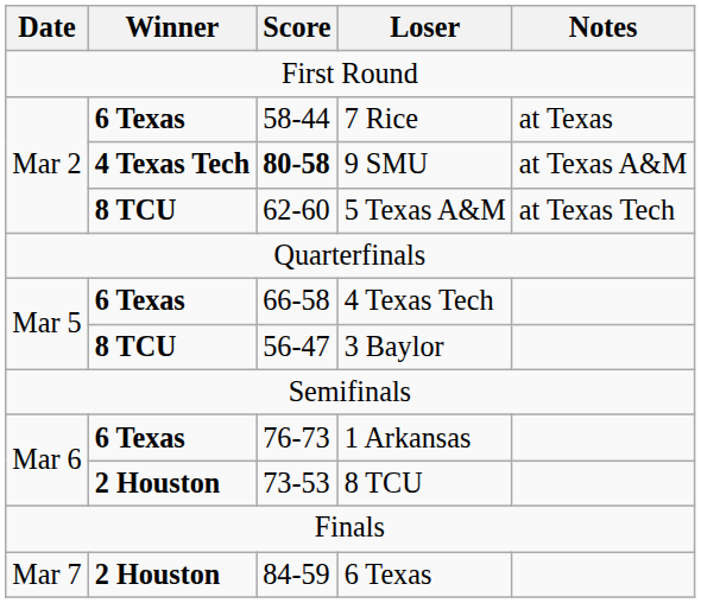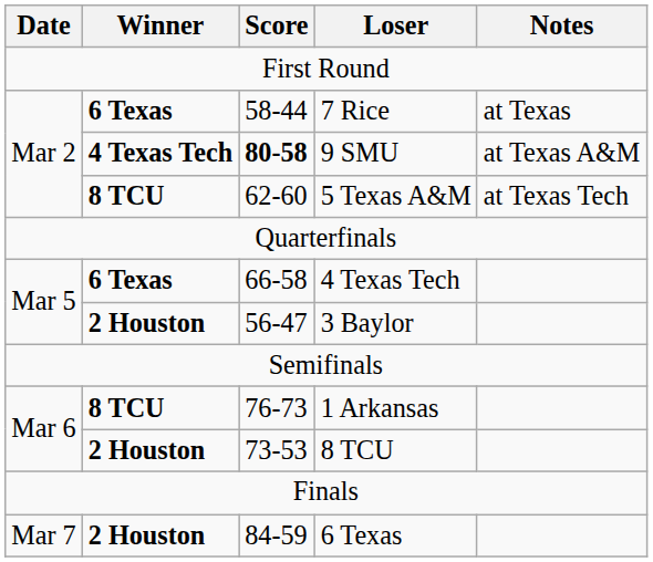 <table class=wikitable>
 <tr>
 <th>Date</th>
 <th>Winner</th>
 <th>Score</th>
 <th>Loser</th>
 <th>Notes</th>
 </tr>
 <tr>
 <td colspan="5" ; style="text-align: center">First Round</td>
 </tr>
 <tr>
 <td rowspan ="3">Mar 2</td>
 <td><strong>6 Texas</strong></td>
 <td>58-44</td>
 <td>7 Rice</td>
 <td>at Texas</td>
 </tr>
 <tr>
 <td><strong>4 Texas Tech</strong></td>
 <td><strong>80-58</strong></td>
 <td>9 SMU</td>
 <td>at Texas A&M</td>
 </tr>
 <tr>
 <td><strong>8 TCU</strong></td>
 <td>62-60</td>
 <td>5 Texas A&M</td>
 <td>at Texas Tech</td>
 </tr>
 <tr>
 <td colspan="5" ; style="text-align: center">Quarterfinals</td>
 </tr>
 <tr>
 <td rowspan ="2">Mar 5</td>
 <td><strong>6 Texas</strong></td>
 <td>66-58</td>
 <td>4 Texas Tech</td>
 <td></td>
 </tr>
 <tr>
-<td><strong>8 TCU</strong></td>
+<td><strong>2 Houston</strong></td>
 <td>56-47</td>
 <td>3 Baylor</td>
 <td></td>
 </tr>
 <tr>
 <td colspan="5" ; style="text-align: center">Semifinals</td>
 </tr>
 <tr>
 <td rowspan ="2">Mar 6</td>
-<td><strong>6 Texas</strong></td>
+<td><strong>8 TCU</strong></td>
 <td>76-73</td>
 <td>1 Arkansas</td>
 <td></td>
 </tr>
 <tr>
 <td><strong>2 Houston</strong></td>
 <td>73-53</td>
 <td>8 TCU</td>
 <td></td>
 </tr>
 <tr>
 <td colspan="5" ; style="text-align: center">Finals</td>
 </tr>
 <tr>
 <td>Mar 7</td>
 <td><strong>2 Houston</strong></td>
 <td>84-59</td>
 <td>6 Texas</td>
 <td></td>
 </tr>
 </table>
